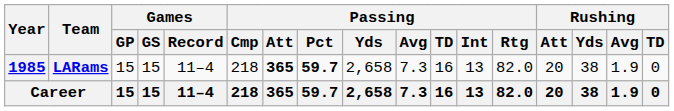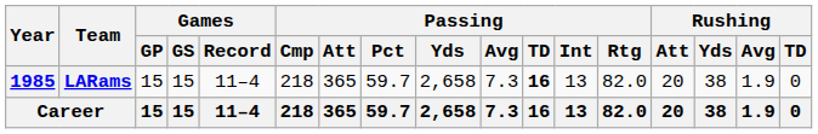 <table class="wikitable" style="text-align: center;">
 <tr>
 <th rowspan="2">Year</th>
 <th rowspan="2">Team</th>
 <th colspan="3">Games</th>
 <th colspan="8">Passing</th>
 <th colspan="4">Rushing</th>
 </tr>
 <tr>
 <th>GP</th>
 <th>GS</th>
 <th>Record</th>
 <th>Cmp</th>
 <th>Att</th>
 <th>Pct</th>
 <th>Yds</th>
 <th>Avg</th>
 <th>TD</th>
 <th>Int</th>
 <th>Rtg</th>
 <th>Att</th>
 <th>Yds</th>
 <th>Avg</th>
 <th>TD</th>
 </tr>
 <tr>
 <th><a href='#'>1985</a></th>
 <th><a href='#'>LARams</a></th>
 <td>15</td>
 <td>15</td>
 <td>11–4</td>
 <td>218</td>
-<td><strong>365</strong></td>
-<td><strong>59.7</strong></td>
+<td>365</td>
+<td>59.7</td>
 <td>2,658</td>
 <td>7.3</td>
-<td>16</td>
+<td><strong>16</strong></td>
 <td>13</td>
 <td>82.0</td>
 <td>20</td>
 <td>38</td>
 <td>1.9</td>
 <td>0</td>
 </tr>
 <tr>
 <th colspan="2">Career</th>
 <th>15</th>
 <th>15</th>
 <th>11–4</th>
 <th>218</th>
 <th>365</th>
 <th>59.7</th>
 <th>2,658</th>
 <th>7.3</th>
 <th>16</th>
 <th>13</th>
 <th>82.0</th>
 <th>20</th>
 <th>38</th>
 <th>1.9</th>
 <th>0</th>
 </tr>
 </table>
